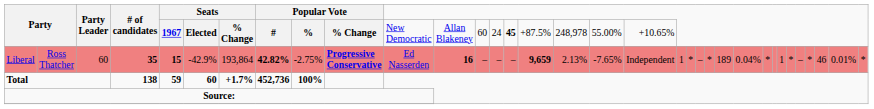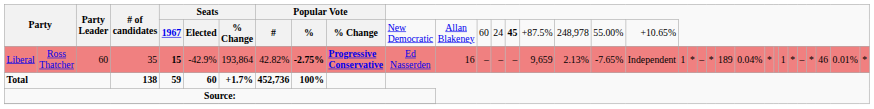 <table class="wikitable">
 <tr>
 <th rowspan=2 colspan=2>Party</th>
 <th rowspan=2>Party Leader</th>
 <th rowspan=2># of<br>candidates</th>
 <th colspan=3>Seats</th>
 <th colspan=3>Popular Vote</th>
 </tr>
 <tr>
 <th><a href='#'>1967</a></th>
 <th>Elected</th>
 <th>% Change</th>
 <th>#</th>
 <th>%</th>
 <th>% Change<br></th>
 <td><a href='#'>New Democratic</a></td>
 <td align="center"><a href='#'>Allan Blakeney</a></td>
 <td align="right">60</td>
 <td align="right">24</td>
 <td align="right"><strong>45</strong></td>
 <td align="right">+87.5%</td>
 <td align="right">248,978</td>
 <td align="right">55.00%</td>
 <td align="right">+10.65%</td>
 </tr>
 <tr bgcolor="lightcoral">
 <td><a href='#'>Liberal</a></td>
 <td align="center"><a href='#'>Ross Thatcher</a></td>
 <td align="right">60</td>
-<td align="right"><strong>35</strong></td>
+<td align="right">35</td>
 <td align="right"><strong>15</strong></td>
 <td align="right">-42.9%</td>
 <td align="right">193,864</td>
-<td align="right"><strong>42.82%</strong></td>
-<td align="right">-2.75%<br></td>
+<td align="right">42.82%</td>
+<td align="right"><strong>-2.75%<br></strong></td>
 <td><strong><a href='#'>Progressive Conservative</a></strong></td>
 <td align="center"><a href='#'>Ed Nasserden</a></td>
-<td align="right"><strong>16</strong></td>
+<td align="right">16</td>
 <td align="right">–</td>
 <td align="right">–</td>
 <td align="right">–</td>
-<td align="right"><strong>9,659</strong></td>
+<td align="right">9,659</td>
 <td align="right">2.13%</td>
 <td align="right">-7.65%<br></td>
 <td colspan=2>Independent</td>
 <td align="right">1</td>
 <td align="right">*</td>
 <td align="right">–</td>
 <td align="right">*</td>
 <td align="right">189</td>
 <td align="right">0.04%</td>
 <td align="right">*<br></td>
 <td align="center"></td>
 <td align="right">1</td>
 <td align="right">*</td>
 <td align="right">–</td>
 <td align="right">*</td>
 <td align="right">46</td>
 <td align="right">0.01%</td>
 <td align="right">*</td>
 </tr>
 <tr>
 <td colspan=3><strong>Total</strong></td>
 <td align="right"><strong>138</strong></td>
 <td align="right"><strong>59</strong></td>
 <td align="right"><strong>60</strong></td>
 <td align="right"><strong>+1.7%</strong></td>
 <td align="right"><strong>452,736</strong></td>
 <td align="right"><strong>100%</strong></td>
 <td align="right"> </td>
 </tr>
 <tr>
 <td align="center" colspan=11><strong>Source:</strong> </td>
 </tr>
 <tr>
 </tr>
 </table>
